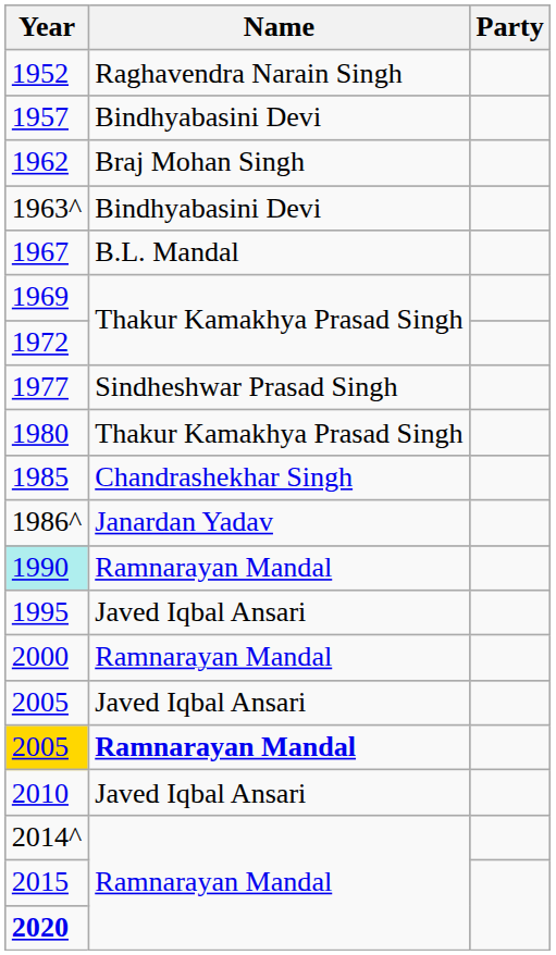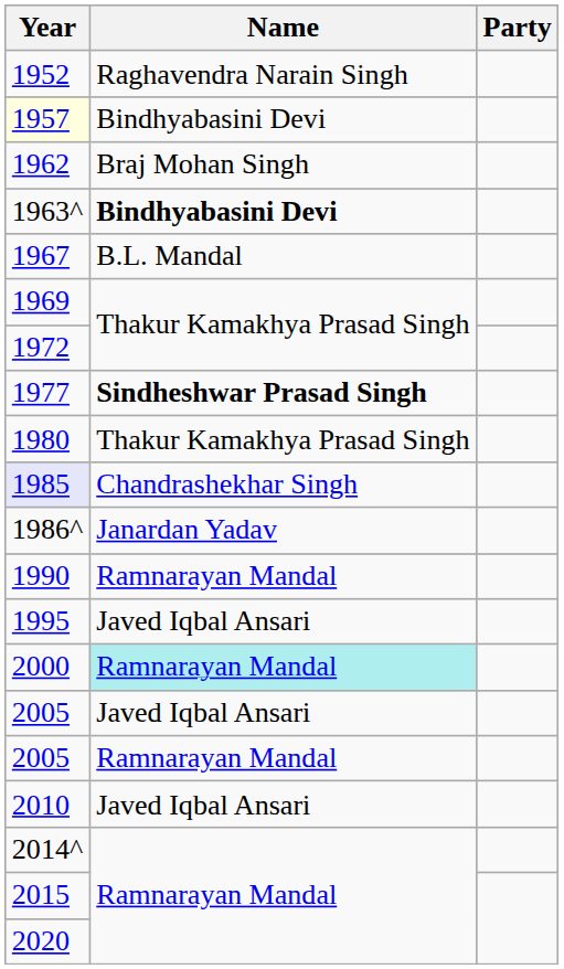 <table class="wikitable sortable">
 <tr>
 <th>Year</th>
 <th>Name</th>
 <th colspan="2">Party</th>
 </tr>
 <tr>
 <td><a href='#'>1952</a></td>
 <td>Raghavendra Narain Singh</td>
 <td></td>
 </tr>
 <tr>
-<td><a href='#'>1957</a></td>
+<td style="background: lightyellow;"><a href='#'>1957</a></td>
 <td>Bindhyabasini Devi</td>
 </tr>
 <tr>
 <td><a href='#'>1962</a></td>
 <td>Braj Mohan Singh</td>
 <td></td>
 </tr>
 <tr>
 <td>1963^</td>
-<td>Bindhyabasini Devi</td>
+<td><strong>Bindhyabasini Devi</strong></td>
 <td></td>
 </tr>
 <tr>
 <td><a href='#'>1967</a></td>
 <td>B.L. Mandal</td>
 <td></td>
 </tr>
 <tr>
 <td><a href='#'>1969</a></td>
 <td rowspan="2">Thakur Kamakhya Prasad Singh</td>
 <td></td>
 </tr>
 <tr>
 <td><a href='#'>1972</a></td>
 </tr>
 <tr>
 <td><a href='#'>1977</a></td>
-<td>Sindheshwar Prasad Singh</td>
+<td><strong>Sindheshwar Prasad Singh</strong></td>
 <td></td>
 </tr>
 <tr>
 <td><a href='#'>1980</a></td>
 <td>Thakur Kamakhya Prasad Singh</td>
 <td></td>
 </tr>
 <tr>
-<td><a href='#'>1985</a></td>
+<td style="background: lavender;"><a href='#'>1985</a></td>
 <td><a href='#'>Chandrashekhar Singh</a></td>
 </tr>
 <tr>
 <td>1986^</td>
 <td><a href='#'>Janardan Yadav</a></td>
 <td></td>
 </tr>
 <tr>
-<td style="background: paleturquoise;"><a href='#'>1990</a></td>
+<td><a href='#'>1990</a></td>
 <td><a href='#'>Ramnarayan Mandal</a></td>
 </tr>
 <tr>
 <td><a href='#'>1995</a></td>
 <td>Javed Iqbal Ansari</td>
 <td></td>
 </tr>
 <tr>
 <td><a href='#'>2000</a></td>
-<td><a href='#'>Ramnarayan Mandal</a></td>
+<td style="background: paleturquoise;"><a href='#'>Ramnarayan Mandal</a></td>
 <td></td>
 </tr>
 <tr>
 <td><a href='#'>2005</a></td>
 <td>Javed Iqbal Ansari</td>
 <td></td>
 </tr>
 <tr>
-<td style="background: gold;"><a href='#'>2005</a></td>
-<td><strong><a href='#'>Ramnarayan Mandal</a></strong></td>
+<td><a href='#'>2005</a></td>
+<td><a href='#'>Ramnarayan Mandal</a></td>
 <td></td>
 </tr>
 <tr>
 <td><a href='#'>2010</a></td>
 <td>Javed Iqbal Ansari</td>
 <td></td>
 </tr>
 <tr>
 <td>2014^</td>
 <td rowspan="3"><a href='#'>Ramnarayan Mandal</a></td>
 <td></td>
 </tr>
 <tr>
 <td><a href='#'>2015</a></td>
 </tr>
 <tr>
-<td><strong><a href='#'>2020</a></strong></td>
+<td><a href='#'>2020</a></td>
 </tr>
 </table>
